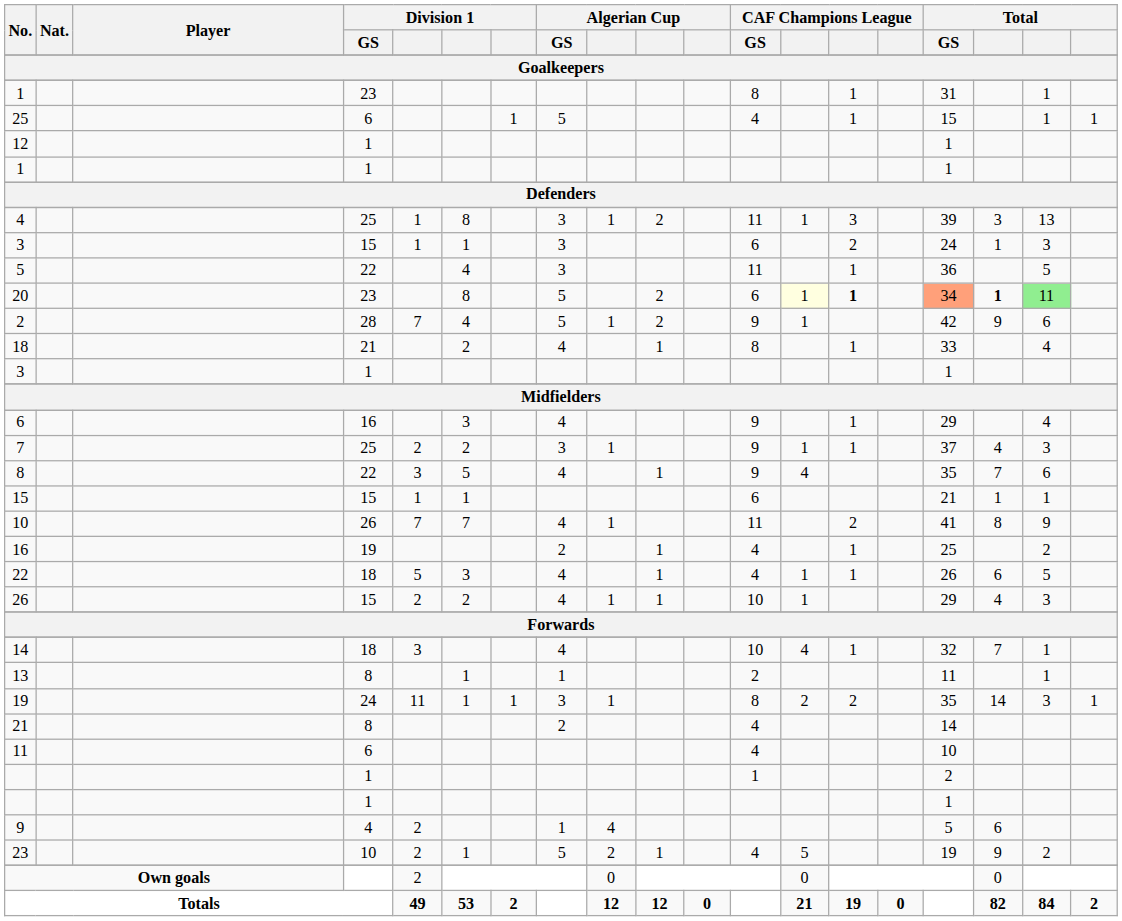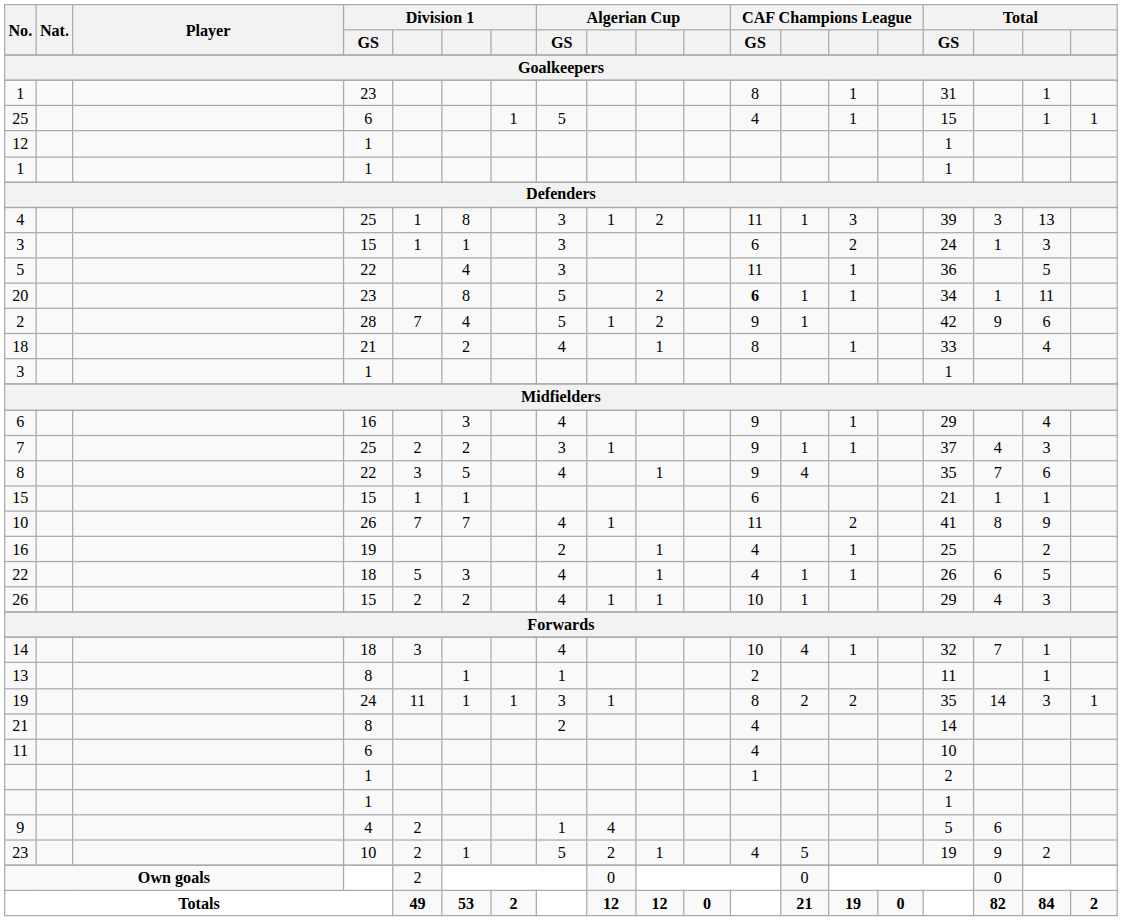 <table class="wikitable sortable alternance"  style="font-size:80%; text-align:center; line-height:14px; width:100%;">
 <tr>
 <th rowspan="2" style="width:10px;"><strong>No.</strong></th>
 <th rowspan="2" style="width:10px;"><strong>Nat.</strong></th>
 <th rowspan="2" scope="col" style="width:275px;"><strong>Player</strong></th>
 <th colspan="4"><strong>Division 1</strong></th>
 <th colspan="4"><strong>Algerian Cup</strong></th>
 <th colspan="4"><strong>CAF Champions League</strong></th>
 <th colspan="4"><strong>Total</strong></th>
 </tr>
 <tr style="text-align:center;">
 <th width=40><strong>GS</strong></th>
 <th width=40></th>
 <th width=40></th>
 <th width=40></th>
 <th width=40><strong>GS</strong></th>
 <th width=40></th>
 <th width=40></th>
 <th width=40></th>
 <th width=40><strong>GS</strong></th>
 <th width=40></th>
 <th width=40></th>
 <th width=40></th>
 <th width=40><strong>GS</strong></th>
 <th width=40></th>
 <th width=40></th>
 <th width=40></th>
 </tr>
 <tr>
 </tr>
 <tr align="center">
 <th colspan="23">Goalkeepers</th>
 </tr>
 <tr align="center">
 </tr>
 <tr>
 <td>1</td>
 <td></td>
 <td></td>
 <td>23</td>
 <td></td>
 <td></td>
 <td></td>
 <td></td>
 <td></td>
 <td></td>
 <td></td>
 <td>8</td>
 <td></td>
 <td>1</td>
 <td></td>
 <td>31</td>
 <td></td>
 <td>1</td>
 <td></td>
 </tr>
 <tr>
 <td>25</td>
 <td></td>
 <td></td>
 <td>6</td>
 <td></td>
 <td></td>
 <td>1</td>
 <td>5</td>
 <td></td>
 <td></td>
 <td></td>
 <td>4</td>
 <td></td>
 <td>1</td>
 <td></td>
 <td>15</td>
 <td></td>
 <td>1</td>
 <td>1</td>
 </tr>
 <tr>
 <td>12</td>
 <td></td>
 <td></td>
 <td>1</td>
 <td></td>
 <td></td>
 <td></td>
 <td></td>
 <td></td>
 <td></td>
 <td></td>
 <td></td>
 <td></td>
 <td></td>
 <td></td>
 <td>1</td>
 <td></td>
 <td></td>
 <td></td>
 </tr>
 <tr>
 <td>1</td>
 <td></td>
 <td></td>
 <td>1</td>
 <td></td>
 <td></td>
 <td></td>
 <td></td>
 <td></td>
 <td></td>
 <td></td>
 <td></td>
 <td></td>
 <td></td>
 <td></td>
 <td>1</td>
 <td></td>
 <td></td>
 <td></td>
 </tr>
 <tr>
 </tr>
 <tr align="center">
 <th colspan="23">Defenders</th>
 </tr>
 <tr align="center">
 </tr>
 <tr>
 <td>4</td>
 <td></td>
 <td></td>
 <td>25</td>
 <td>1</td>
 <td>8</td>
 <td></td>
 <td>3</td>
 <td>1</td>
 <td>2</td>
 <td></td>
 <td>11</td>
 <td>1</td>
 <td>3</td>
 <td></td>
 <td>39</td>
 <td>3</td>
 <td>13</td>
 <td></td>
 </tr>
 <tr>
 <td>3</td>
 <td></td>
 <td></td>
 <td>15</td>
 <td>1</td>
 <td>1</td>
 <td></td>
 <td>3</td>
 <td></td>
 <td></td>
 <td></td>
 <td>6</td>
 <td></td>
 <td>2</td>
 <td></td>
 <td>24</td>
 <td>1</td>
 <td>3</td>
 <td></td>
 </tr>
 <tr>
 <td>5</td>
 <td></td>
 <td></td>
 <td>22</td>
 <td></td>
 <td>4</td>
 <td></td>
 <td>3</td>
 <td></td>
 <td></td>
 <td></td>
 <td>11</td>
 <td></td>
 <td>1</td>
 <td></td>
 <td>36</td>
 <td></td>
 <td>5</td>
 <td></td>
 </tr>
 <tr>
 <td>20</td>
 <td></td>
 <td></td>
 <td>23</td>
 <td></td>
 <td>8</td>
 <td></td>
 <td>5</td>
 <td></td>
 <td>2</td>
 <td></td>
-<td>6</td>
-<td style="background: lightyellow;">1</td>
-<td><strong>1</strong></td>
+<td><strong>6</strong></td>
+<td>1</td>
+<td>1</td>
 <td></td>
-<td style="background: lightsalmon;">34</td>
-<td><strong>1</strong></td>
-<td style="background: lightgreen;">11</td>
+<td>34</td>
+<td>1</td>
+<td>11</td>
 <td></td>
 </tr>
 <tr>
 <td>2</td>
 <td></td>
 <td></td>
 <td>28</td>
 <td>7</td>
 <td>4</td>
 <td></td>
 <td>5</td>
 <td>1</td>
 <td>2</td>
 <td></td>
 <td>9</td>
 <td>1</td>
 <td></td>
 <td></td>
 <td>42</td>
 <td>9</td>
 <td>6</td>
 <td></td>
 </tr>
 <tr>
 <td>18</td>
 <td></td>
 <td></td>
 <td>21</td>
 <td></td>
 <td>2</td>
 <td></td>
 <td>4</td>
 <td></td>
 <td>1</td>
 <td></td>
 <td>8</td>
 <td></td>
 <td>1</td>
 <td></td>
 <td>33</td>
 <td></td>
 <td>4</td>
 <td></td>
 </tr>
 <tr>
 <td>3</td>
 <td></td>
 <td></td>
 <td>1</td>
 <td></td>
 <td></td>
 <td></td>
 <td></td>
 <td></td>
 <td></td>
 <td></td>
 <td></td>
 <td></td>
 <td></td>
 <td></td>
 <td>1</td>
 <td></td>
 <td></td>
 <td></td>
 </tr>
 <tr>
 </tr>
 <tr align="center">
 <th colspan="23">Midfielders</th>
 </tr>
 <tr align="center">
 </tr>
 <tr>
 <td>6</td>
 <td></td>
 <td></td>
 <td>16</td>
 <td></td>
 <td>3</td>
 <td></td>
 <td>4</td>
 <td></td>
 <td></td>
 <td></td>
 <td>9</td>
 <td></td>
 <td>1</td>
 <td></td>
 <td>29</td>
 <td></td>
 <td>4</td>
 <td></td>
 </tr>
 <tr>
 <td>7</td>
 <td></td>
 <td></td>
 <td>25</td>
 <td>2</td>
 <td>2</td>
 <td></td>
 <td>3</td>
 <td>1</td>
 <td></td>
 <td></td>
 <td>9</td>
 <td>1</td>
 <td>1</td>
 <td></td>
 <td>37</td>
 <td>4</td>
 <td>3</td>
 <td></td>
 </tr>
 <tr>
 <td>8</td>
 <td></td>
 <td></td>
 <td>22</td>
 <td>3</td>
 <td>5</td>
 <td></td>
 <td>4</td>
 <td></td>
 <td>1</td>
 <td></td>
 <td>9</td>
 <td>4</td>
 <td></td>
 <td></td>
 <td>35</td>
 <td>7</td>
 <td>6</td>
 <td></td>
 </tr>
 <tr>
 <td>15</td>
 <td></td>
 <td></td>
 <td>15</td>
 <td>1</td>
 <td>1</td>
 <td></td>
 <td></td>
 <td></td>
 <td></td>
 <td></td>
 <td>6</td>
 <td></td>
 <td></td>
 <td></td>
 <td>21</td>
 <td>1</td>
 <td>1</td>
 <td></td>
 </tr>
 <tr>
 <td>10</td>
 <td></td>
 <td></td>
 <td>26</td>
 <td>7</td>
 <td>7</td>
 <td></td>
 <td>4</td>
 <td>1</td>
 <td></td>
 <td></td>
 <td>11</td>
 <td></td>
 <td>2</td>
 <td></td>
 <td>41</td>
 <td>8</td>
 <td>9</td>
 <td></td>
 </tr>
 <tr>
 <td>16</td>
 <td></td>
 <td></td>
 <td>19</td>
 <td></td>
 <td></td>
 <td></td>
 <td>2</td>
 <td></td>
 <td>1</td>
 <td></td>
 <td>4</td>
 <td></td>
 <td>1</td>
 <td></td>
 <td>25</td>
 <td></td>
 <td>2</td>
 <td></td>
 </tr>
 <tr>
 <td>22</td>
 <td></td>
 <td></td>
 <td>18</td>
 <td>5</td>
 <td>3</td>
 <td></td>
 <td>4</td>
 <td></td>
 <td>1</td>
 <td></td>
 <td>4</td>
 <td>1</td>
 <td>1</td>
 <td></td>
 <td>26</td>
 <td>6</td>
 <td>5</td>
 <td></td>
 </tr>
 <tr>
 <td>26</td>
 <td></td>
 <td></td>
 <td>15</td>
 <td>2</td>
 <td>2</td>
 <td></td>
 <td>4</td>
 <td>1</td>
 <td>1</td>
 <td></td>
 <td>10</td>
 <td>1</td>
 <td></td>
 <td></td>
 <td>29</td>
 <td>4</td>
 <td>3</td>
 <td></td>
 </tr>
 <tr>
 </tr>
 <tr align="center">
 <th colspan="23">Forwards</th>
 </tr>
 <tr align="center">
 </tr>
 <tr>
 <td>14</td>
 <td></td>
 <td></td>
 <td>18</td>
 <td>3</td>
 <td></td>
 <td></td>
 <td>4</td>
 <td></td>
 <td></td>
 <td></td>
 <td>10</td>
 <td>4</td>
 <td>1</td>
 <td></td>
 <td>32</td>
 <td>7</td>
 <td>1</td>
 <td></td>
 </tr>
 <tr>
 <td>13</td>
 <td></td>
 <td></td>
 <td>8</td>
 <td></td>
 <td>1</td>
 <td></td>
 <td>1</td>
 <td></td>
 <td></td>
 <td></td>
 <td>2</td>
 <td></td>
 <td></td>
 <td></td>
 <td>11</td>
 <td></td>
 <td>1</td>
 <td></td>
 </tr>
 <tr>
 <td>19</td>
 <td></td>
 <td></td>
 <td>24</td>
 <td>11</td>
 <td>1</td>
 <td>1</td>
 <td>3</td>
 <td>1</td>
 <td></td>
 <td></td>
 <td>8</td>
 <td>2</td>
 <td>2</td>
 <td></td>
 <td>35</td>
 <td>14</td>
 <td>3</td>
 <td>1</td>
 </tr>
 <tr>
 <td>21</td>
 <td></td>
 <td></td>
 <td>8</td>
 <td></td>
 <td></td>
 <td></td>
 <td>2</td>
 <td></td>
 <td></td>
 <td></td>
 <td>4</td>
 <td></td>
 <td></td>
 <td></td>
 <td>14</td>
 <td></td>
 <td></td>
 <td></td>
 </tr>
 <tr>
 <td>11</td>
 <td></td>
 <td></td>
 <td>6</td>
 <td></td>
 <td></td>
 <td></td>
 <td></td>
 <td></td>
 <td></td>
 <td></td>
 <td>4</td>
 <td></td>
 <td></td>
 <td></td>
 <td>10</td>
 <td></td>
 <td></td>
 <td></td>
 </tr>
 <tr>
 <td></td>
 <td></td>
 <td></td>
 <td>1</td>
 <td></td>
 <td></td>
 <td></td>
 <td></td>
 <td></td>
 <td></td>
 <td></td>
 <td>1</td>
 <td></td>
 <td></td>
 <td></td>
 <td>2</td>
 <td></td>
 <td></td>
 <td></td>
 </tr>
 <tr>
 <td></td>
 <td></td>
 <td></td>
 <td>1</td>
 <td></td>
 <td></td>
 <td></td>
 <td></td>
 <td></td>
 <td></td>
 <td></td>
 <td></td>
 <td></td>
 <td></td>
 <td></td>
 <td>1</td>
 <td></td>
 <td></td>
 <td></td>
 </tr>
 <tr>
 <td>9</td>
 <td></td>
 <td></td>
 <td>4</td>
 <td>2</td>
 <td></td>
 <td></td>
 <td>1</td>
 <td>4</td>
 <td></td>
 <td></td>
 <td></td>
 <td></td>
 <td></td>
 <td></td>
 <td>5</td>
 <td>6</td>
 <td></td>
 <td></td>
 </tr>
 <tr>
 <td>23</td>
 <td></td>
 <td></td>
 <td>10</td>
 <td>2</td>
 <td>1</td>
 <td></td>
 <td>5</td>
 <td>2</td>
 <td>1</td>
 <td></td>
 <td>4</td>
 <td>5</td>
 <td></td>
 <td></td>
 <td>19</td>
 <td>9</td>
 <td>2</td>
 <td></td>
 </tr>
 <tr>
 </tr>
 <tr class="sortbottom">
 <td colspan="3"><strong>Own goals</strong></td>
 <td ! style="background:white; text-align: center;"></td>
 <td>2</td>
 <td ! colspan="3" style="background:white; text-align: center;"></td>
 <td>0</td>
 <td ! colspan="3" style="background:white; text-align: center;"></td>
 <td>0</td>
 <td ! colspan="3" style="background:white; text-align: center;"></td>
 <td>0</td>
 <td ! colspan="2" style="background:white; text-align: center;"></td>
 </tr>
 <tr class="sortbottom">
 <td colspan="4"  style="background:white; text-align: center;"><strong>Totals</strong></td>
 <td><strong>49</strong></td>
 <td><strong>53</strong></td>
 <td><strong>2</strong></td>
 <td ! rowspan="2" style="background:white; text-align: center;"></td>
 <td><strong>12</strong></td>
 <td><strong>12</strong></td>
 <td><strong>0</strong></td>
 <td ! rowspan="2" style="background:white; text-align: center;"></td>
 <td><strong>21</strong></td>
 <td><strong>19</strong></td>
 <td><strong>0</strong></td>
 <td ! rowspan="2" style="background:white; text-align: center;"></td>
 <td><strong>82</strong></td>
 <td><strong>84</strong></td>
 <td><strong>2</strong></td>
 </tr>
 </table>
